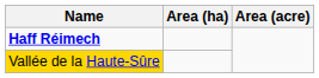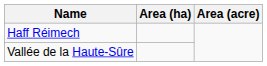 <table class="wikitable">
 <tr>
 <th scope="col" align=left>Name</th>
 <th scope="col">Area (ha)</th>
 <th scope="col">Area (acre)</th>
 </tr>
 <tr ---->
-<td><strong><a href='#'>Haff Réimech</a></strong></td>
+<td><a href='#'>Haff Réimech</a></td>
 <td></td>
 </tr>
 <tr ---->
-<td style="background: gold;">Vallée de la <a href='#'>Haute-Sûre</a></td>
+<td>Vallée de la <a href='#'>Haute-Sûre</a></td>
 <td></td>
 </tr>
 </table>
